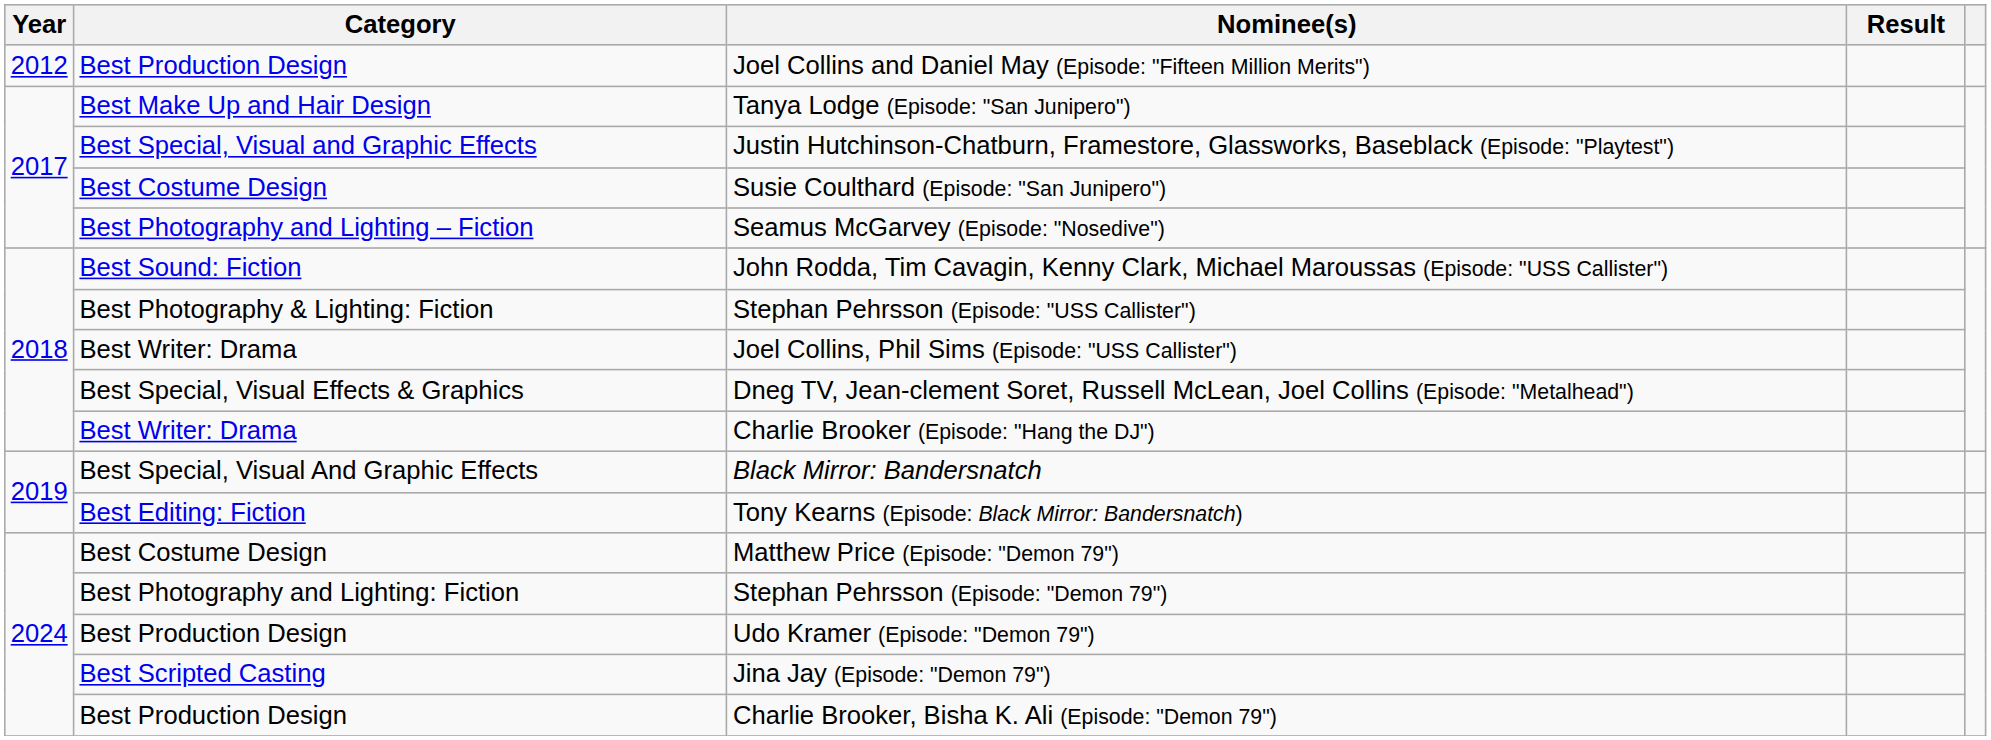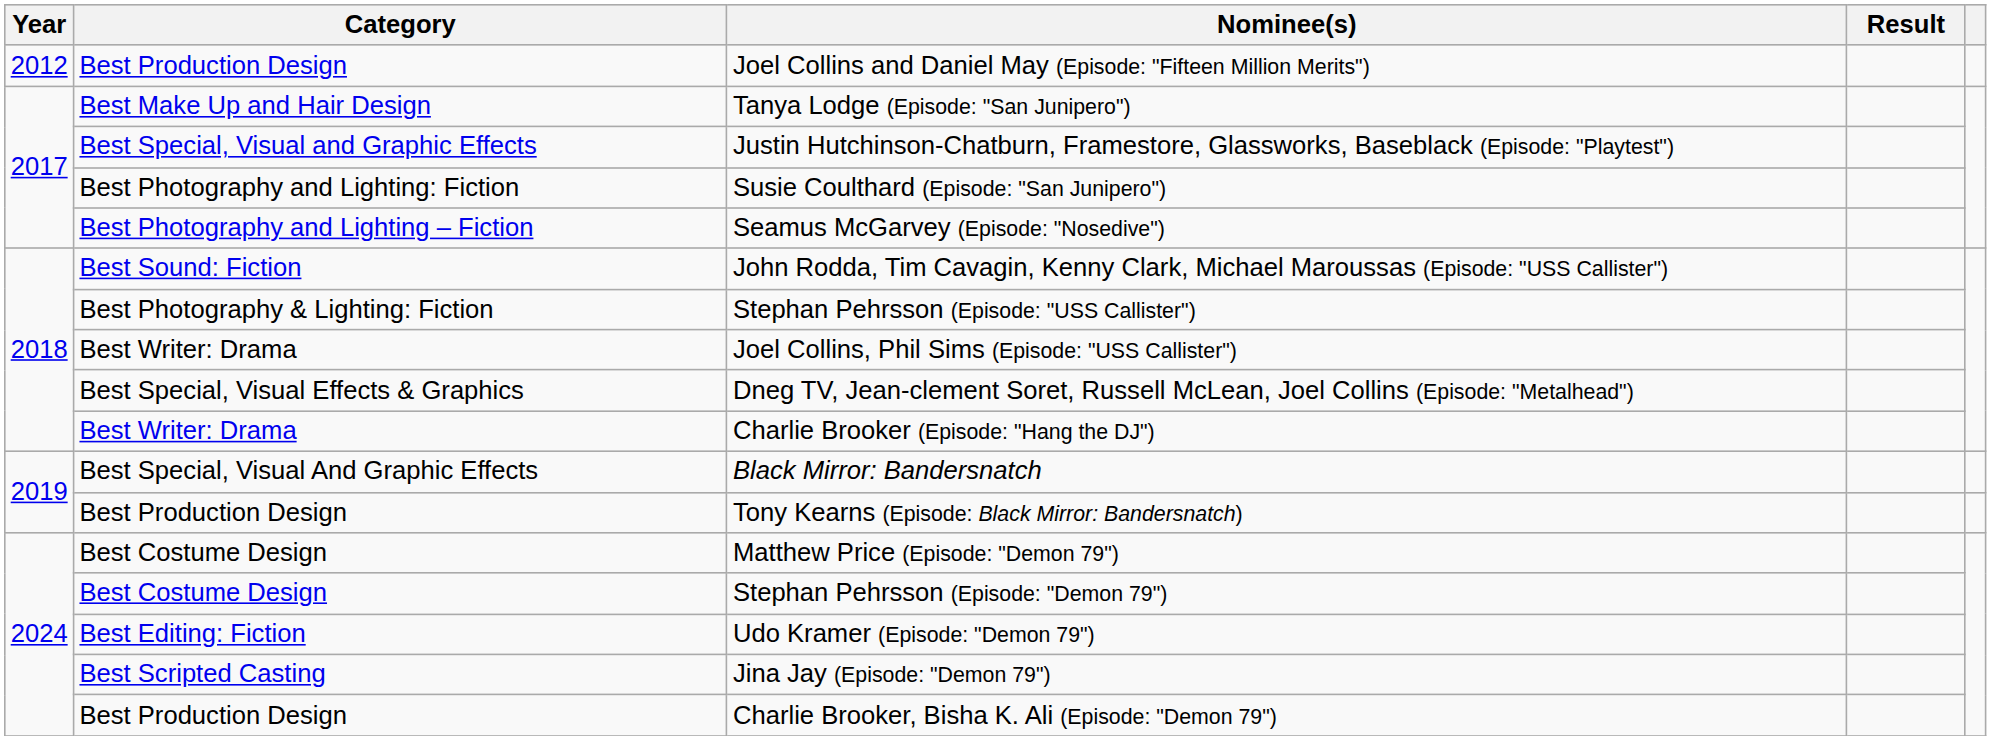 <table class="wikitable sortable" style="width:98%; summary:Black Mirror won two of seventeen awards.">
 <tr>
 <th scope="col" style="width:3%;">Year</th>
 <th scope="col" style="width:33%;">Category</th>
 <th>Nominee(s)</th>
 <th scope="col" style="width:6%;">Result</th>
 <th scope="col" class="unsortable" style="width:1%;"></th>
 </tr>
 <tr>
 <td style="text-align: center;"><a href='#'>2012</a></td>
 <td><a href='#'>Best Production Design</a></td>
 <td>Joel Collins and Daniel May <small>(Episode: "Fifteen Million Merits")</small></td>
 <td></td>
 <td align="center"></td>
 </tr>
 <tr>
 <td rowspan="4" style="text-align: center;"><a href='#'>2017</a></td>
 <td><a href='#'>Best Make Up and Hair Design</a></td>
 <td>Tanya Lodge <small>(Episode: "San Junipero")</small></td>
 <td></td>
 <td rowspan="4" align="center"></td>
 </tr>
 <tr>
 <td><a href='#'>Best Special, Visual and Graphic Effects</a></td>
 <td>Justin Hutchinson-Chatburn, Framestore, Glassworks, Baseblack <small>(Episode: "Playtest")</small></td>
 <td></td>
 </tr>
 <tr>
-<td><a href='#'>Best Costume Design</a></td>
+<td>Best Photography and Lighting: Fiction</td>
 <td>Susie Coulthard <small>(Episode: "San Junipero")</small></td>
 <td></td>
 </tr>
 <tr>
 <td><a href='#'>Best Photography and Lighting – Fiction</a></td>
 <td>Seamus McGarvey <small>(Episode: "Nosedive")</small></td>
 <td></td>
 </tr>
 <tr>
 <td rowspan="5" style="text-align: center;"><a href='#'>2018</a></td>
 <td><a href='#'>Best Sound: Fiction</a></td>
 <td>John Rodda, Tim Cavagin, Kenny Clark, Michael Maroussas <small>(Episode: "USS Callister")</small></td>
 <td></td>
 <td rowspan="5" align="center"></td>
 </tr>
 <tr>
 <td>Best Photography & Lighting: Fiction</td>
 <td>Stephan Pehrsson <small>(Episode: "USS Callister")</small></td>
 <td></td>
 </tr>
 <tr>
 <td>Best Writer: Drama</td>
 <td>Joel Collins, Phil Sims <small>(Episode: "USS Callister")</small></td>
 <td></td>
 </tr>
 <tr>
 <td>Best Special, Visual Effects & Graphics</td>
 <td>Dneg TV, Jean-clement Soret, Russell McLean, Joel Collins <small>(Episode: "Metalhead")</small></td>
 <td></td>
 </tr>
 <tr>
 <td><a href='#'>Best Writer: Drama</a></td>
 <td>Charlie Brooker <small>(Episode: "Hang the DJ")</small></td>
 <td></td>
 </tr>
 <tr>
 <td rowspan="2" style="text-align: center;"><a href='#'>2019</a></td>
 <td>Best Special, Visual And Graphic Effects</td>
 <td><em>Black Mirror: Bandersnatch</em></td>
 <td></td>
 <td align="center"></td>
 </tr>
 <tr>
-<td><a href='#'>Best Editing: Fiction</a></td>
+<td>Best Production Design</td>
 <td>Tony Kearns <small>(Episode: <em>Black Mirror: Bandersnatch</em>)</small></td>
 <td></td>
 <td align="center"></td>
 </tr>
 <tr>
 <td rowspan="5" style="text-align: center;"><a href='#'>2024</a></td>
 <td>Best Costume Design</td>
 <td>Matthew Price <small>(Episode: "Demon 79")</small></td>
 <td></td>
 <td rowspan="5" align="center"></td>
 </tr>
 <tr>
-<td>Best Photography and Lighting: Fiction</td>
+<td><a href='#'>Best Costume Design</a></td>
 <td>Stephan Pehrsson <small>(Episode: "Demon 79")</small></td>
 <td></td>
 </tr>
 <tr>
-<td>Best Production Design</td>
+<td><a href='#'>Best Editing: Fiction</a></td>
 <td>Udo Kramer <small>(Episode: "Demon 79")</small></td>
 <td></td>
 </tr>
 <tr>
 <td><a href='#'>Best Scripted Casting</a></td>
 <td>Jina Jay <small>(Episode: "Demon 79")</small></td>
 <td></td>
 </tr>
 <tr>
 <td>Best Production Design</td>
 <td>Charlie Brooker, Bisha K. Ali <small>(Episode: "Demon 79")</small></td>
 <td></td>
 </tr>
 </table>
